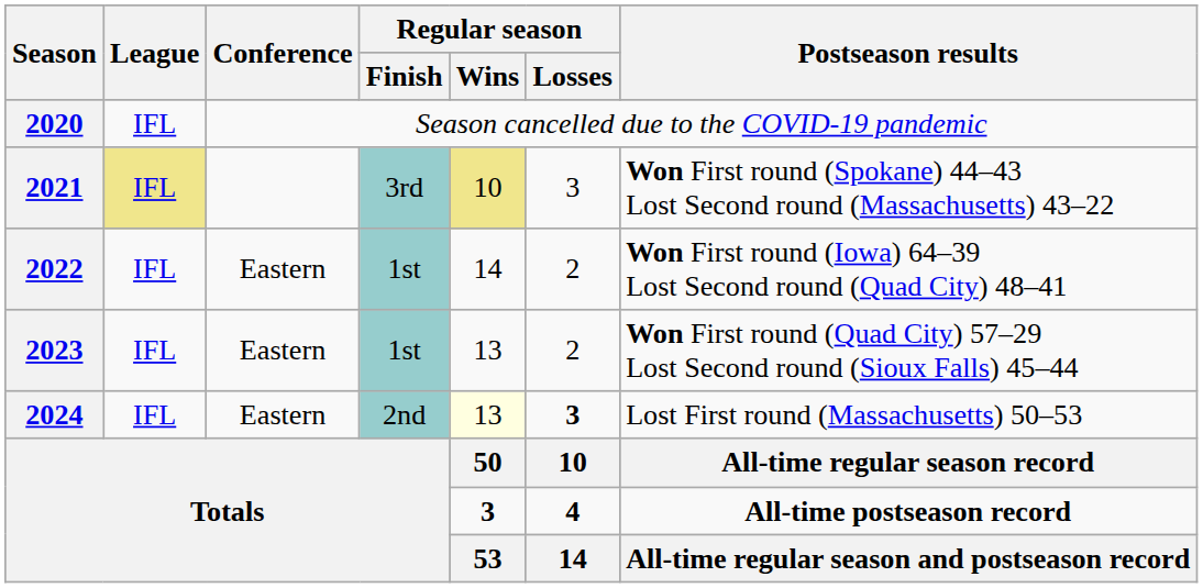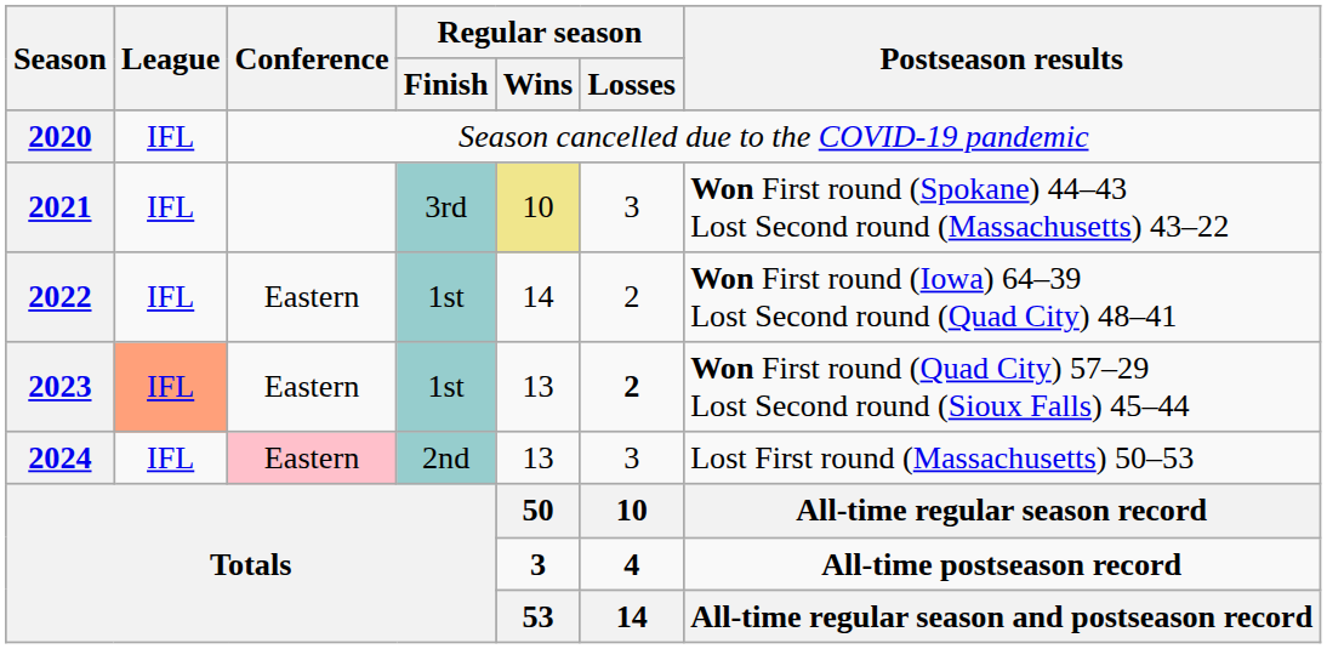 <table class="wikitable" style="text-align:center; font-size: 95%;">
 <tr>
 <th rowspan="2">Season</th>
 <th rowspan="2">League</th>
 <th rowspan="2">Conference</th>
 <th colspan="3">Regular season</th>
 <th rowspan="2">Postseason results</th>
 </tr>
 <tr>
 <th>Finish</th>
 <th>Wins</th>
 <th>Losses</th>
 </tr>
 <tr>
 <th><a href='#'>2020</a></th>
 <td><a href='#'>IFL</a></td>
 <td colspan="5"><em>Season cancelled due to the <a href='#'>COVID-19 pandemic</a></em></td>
 </tr>
 <tr>
 <th><a href='#'>2021</a></th>
-<td style="background: khaki;"><a href='#'>IFL</a></td>
+<td><a href='#'>IFL</a></td>
 <td></td>
 <td bgcolor="#96cdcd">3rd</td>
 <td style="background: khaki;">10</td>
 <td>3</td>
 <td align=left><strong>Won</strong> First round (<a href='#'>Spokane</a>) 44–43<br>Lost Second round (<a href='#'>Massachusetts</a>) 43–22</td>
 </tr>
 <tr>
 <th><a href='#'>2022</a></th>
 <td><a href='#'>IFL</a></td>
 <td>Eastern</td>
 <td bgcolor="#96cdcd">1st</td>
 <td>14</td>
 <td>2</td>
 <td align=left><strong>Won</strong> First round (<a href='#'>Iowa</a>) 64–39<br>Lost Second round (<a href='#'>Quad City</a>) 48–41</td>
 </tr>
 <tr>
 <th><a href='#'>2023</a></th>
-<td><a href='#'>IFL</a></td>
+<td style="background: lightsalmon;"><a href='#'>IFL</a></td>
 <td>Eastern</td>
 <td bgcolor="#96cdcd">1st</td>
 <td>13</td>
-<td>2</td>
+<td><strong>2</strong></td>
 <td align=left><strong>Won</strong> First round (<a href='#'>Quad City</a>) 57–29<br>Lost Second round (<a href='#'>Sioux Falls</a>) 45–44</td>
 </tr>
 <tr>
 <th><a href='#'>2024</a></th>
 <td><a href='#'>IFL</a></td>
-<td>Eastern</td>
+<td style="background: pink;">Eastern</td>
 <td style="background:#96cdcd;">2nd</td>
-<td style="background: lightyellow;">13</td>
-<td><strong>3</strong></td>
+<td>13</td>
+<td>3</td>
 <td align=left>Lost First round (<a href='#'>Massachusetts</a>) 50–53</td>
 </tr>
 <tr>
 <th rowspan="4" colspan="4">Totals</th>
 <th>50</th>
 <th>10</th>
 <th>All-time regular season record</th>
 </tr>
 <tr>
 <td><strong>3</strong></td>
 <td><strong>4</strong></td>
 <td><strong>All-time postseason record</strong></td>
 </tr>
 <tr>
 <th>53</th>
 <th>14</th>
 <th>All-time regular season and postseason record</th>
 </tr>
 </table>
